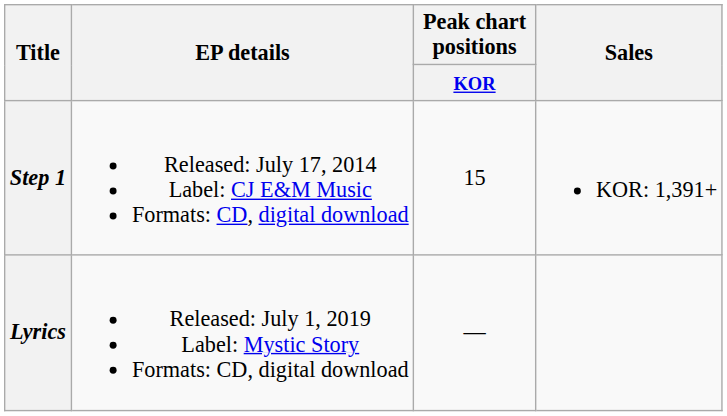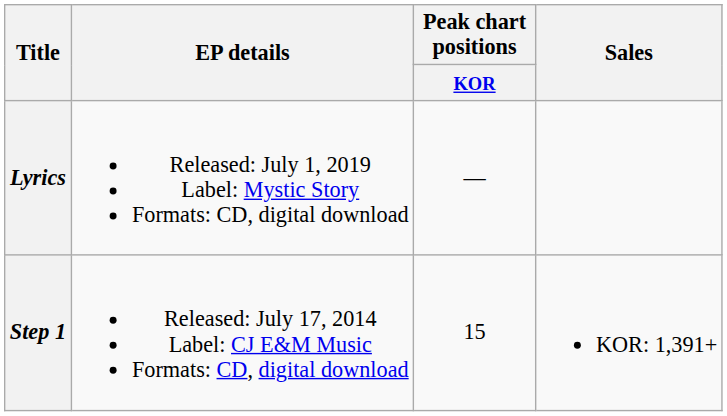 <table class="wikitable plainrowheaders" style="text-align:center;">
 <tr>
 <th scope="col" rowspan="2">Title</th>
 <th scope="col" rowspan="2">EP details</th>
 <th scope="col" style="width:5em;">Peak chart positions</th>
 <th scope="col" rowspan="2">Sales</th>
 </tr>
 <tr>
 <th><small><a href='#'>KOR</a></small><br></th>
 </tr>
 <tr>
+<th scope="row"><em>Lyrics</em></th>
+<td><br><ul><li>Released: July 1, 2019</li><li>Label: <a href='#'>Mystic Story</a></li><li>Formats: CD, digital download</li></ul></td>
+<td>—</td>
+<td></td>
+</tr>
+<tr>
 <th scope="row"><em>Step 1</em></th>
 <td><br><ul><li>Released: July 17, 2014</li><li>Label: <a href='#'>CJ E&M Music</a></li><li>Formats: <a href='#'>CD</a>, <a href='#'>digital download</a></li></ul></td>
 <td>15</td>
 <td><br><ul><li>KOR: 1,391+</li></ul></td>
 </tr>
-<tr>
-<th scope="row"><em>Lyrics</em></th>
-<td><br><ul><li>Released: July 1, 2019</li><li>Label: <a href='#'>Mystic Story</a></li><li>Formats: CD, digital download</li></ul></td>
-<td>—</td>
-<td></td>
-</tr>
 </table>
